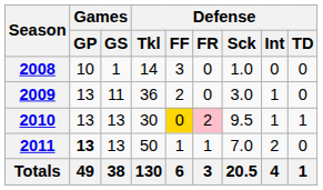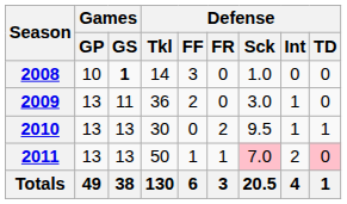 <table class="wikitable" style="text-align:center">
 <tr>
 <th rowspan="2">Season</th>
 <th colspan="2">Games</th>
 <th colspan="6">Defense</th>
 </tr>
 <tr>
 <th>GP</th>
 <th>GS</th>
 <th>Tkl</th>
 <th>FF</th>
 <th>FR</th>
 <th>Sck</th>
 <th>Int</th>
 <th>TD</th>
 </tr>
 <tr>
 <th><a href='#'>2008</a></th>
 <td>10</td>
-<td>1</td>
+<td><strong>1</strong></td>
 <td>14</td>
 <td>3</td>
 <td>0</td>
 <td>1.0</td>
 <td>0</td>
 <td>0</td>
 </tr>
 <tr>
 <th><a href='#'>2009</a></th>
 <td>13</td>
 <td>11</td>
 <td>36</td>
 <td>2</td>
 <td>0</td>
 <td>3.0</td>
 <td>1</td>
 <td>0</td>
 </tr>
 <tr>
 <th><a href='#'>2010</a></th>
 <td>13</td>
 <td>13</td>
 <td>30</td>
-<td style="background: gold;">0</td>
-<td style="background: pink;">2</td>
+<td>0</td>
+<td>2</td>
 <td>9.5</td>
 <td>1</td>
 <td>1</td>
 </tr>
 <tr>
 <th><a href='#'>2011</a></th>
-<td><strong>13</strong></td>
+<td>13</td>
 <td>13</td>
 <td>50</td>
 <td>1</td>
 <td>1</td>
-<td>7.0</td>
+<td style="background: pink;">7.0</td>
 <td>2</td>
-<td>0</td>
+<td style="background: pink;">0</td>
 </tr>
 <tr>
 <th>Totals</th>
 <th>49</th>
 <th>38</th>
 <th>130</th>
 <th>6</th>
 <th>3</th>
 <th>20.5</th>
 <th>4</th>
 <th>1</th>
 </tr>
 </table>
